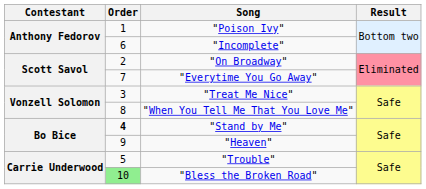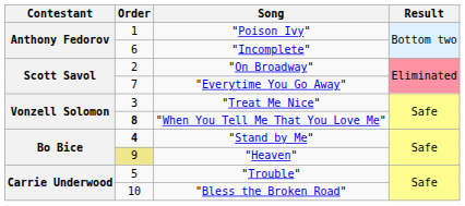 <table class="wikitable unsortable" style="text-align:center;">
 <tr>
 <th scope="col">Contestant</th>
 <th scope="col">Order</th>
 <th scope="col">Song</th>
 <th scope="col">Result</th>
 </tr>
 <tr>
 <th scope="row" rowspan="2">Anthony Fedorov</th>
 <td>1</td>
 <td>"<a href='#'>Poison Ivy</a>"</td>
 <td rowspan="2" bgcolor="E0F0FF">Bottom two</td>
 </tr>
 <tr>
 <td>6</td>
 <td>"<a href='#'>Incomplete</a>"</td>
 </tr>
 <tr>
 <th scope="row" rowspan="2">Scott Savol</th>
 <td>2</td>
 <td>"<a href='#'>On Broadway</a>"</td>
 <td rowspan="2" bgcolor="FF91A4">Eliminated</td>
 </tr>
 <tr>
 <td>7</td>
 <td>"<a href='#'>Everytime You Go Away</a>"</td>
 </tr>
 <tr>
 <th scope="row" rowspan="2">Vonzell Solomon</th>
 <td>3</td>
 <td>"<a href='#'>Treat Me Nice</a>"</td>
 <td rowspan="2" style="background:#FDFC8F;">Safe</td>
 </tr>
 <tr>
-<td>8</td>
+<td><strong>8</strong></td>
 <td>"<a href='#'>When You Tell Me That You Love Me</a>"</td>
 </tr>
 <tr>
 <th scope="row" rowspan="2">Bo Bice</th>
 <td><strong>4</strong></td>
 <td>"<a href='#'>Stand by Me</a>"</td>
 <td rowspan="2" style="background:#FDFC8F;">Safe</td>
 </tr>
 <tr>
-<td>9</td>
+<td style="background: khaki;">9</td>
 <td>"<a href='#'>Heaven</a>"</td>
 </tr>
 <tr>
 <th scope="row" rowspan="2">Carrie Underwood</th>
 <td>5</td>
 <td>"<a href='#'>Trouble</a>"</td>
 <td rowspan="2" style="background:#FDFC8F;">Safe</td>
 </tr>
 <tr>
-<td style="background: lightgreen;">10</td>
+<td>10</td>
 <td>"<a href='#'>Bless the Broken Road</a>"</td>
 </tr>
 </table>
